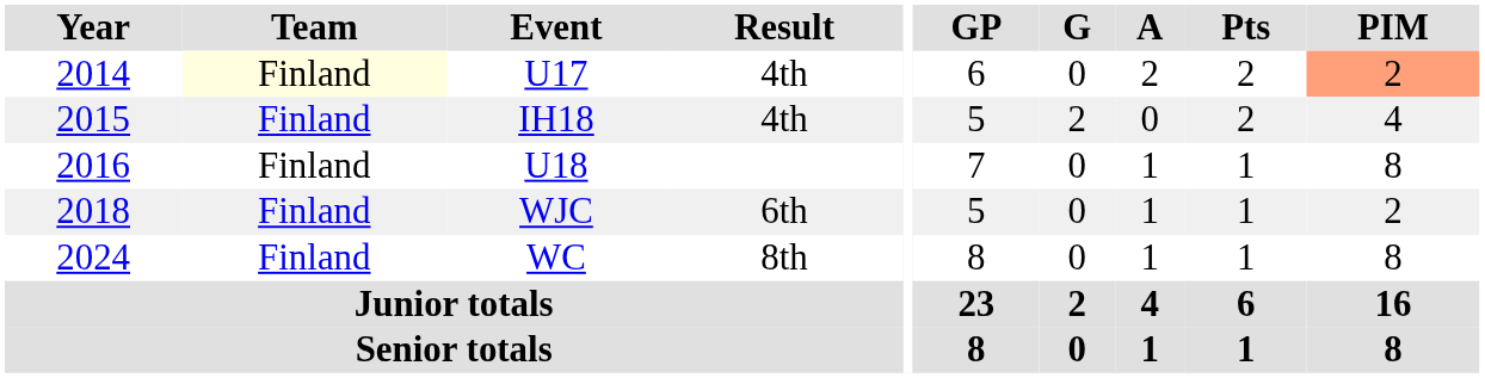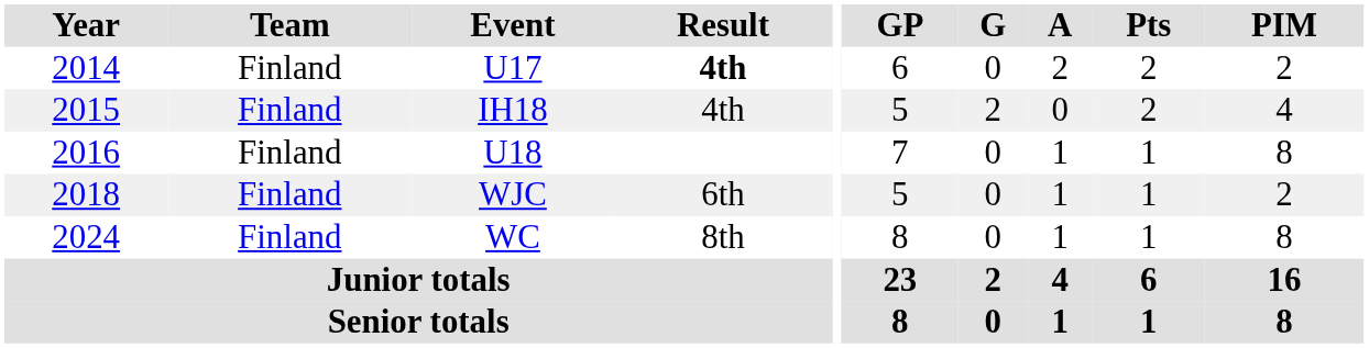 <table border="0" cellpadding="1" cellspacing="0" ID="Table3" style="text-align:center; width:40em">
 <tr ALIGN="center" bgcolor="#e0e0e0">
 <th>Year</th>
 <th>Team</th>
 <th>Event</th>
 <th>Result</th>
 <th rowspan="99" bgcolor="#ffffff"></th>
 <th>GP</th>
 <th>G</th>
 <th>A</th>
 <th>Pts</th>
 <th>PIM</th>
 </tr>
 <tr>
 <td><a href='#'>2014</a></td>
-<td style="background: lightyellow;">Finland</td>
+<td>Finland</td>
 <td><a href='#'>U17</a></td>
-<td>4th</td>
+<td><strong>4th</strong></td>
 <td>6</td>
 <td>0</td>
 <td>2</td>
 <td>2</td>
-<td style="background: lightsalmon;">2</td>
+<td>2</td>
 </tr>
 <tr bgcolor="#f0f0f0">
 <td><a href='#'>2015</a></td>
 <td><a href='#'>Finland</a></td>
 <td><a href='#'>IH18</a></td>
 <td>4th</td>
 <td>5</td>
 <td>2</td>
 <td>0</td>
 <td>2</td>
 <td>4</td>
 </tr>
 <tr>
 <td><a href='#'>2016</a></td>
 <td>Finland</td>
 <td><a href='#'>U18</a></td>
 <td></td>
 <td>7</td>
 <td>0</td>
 <td>1</td>
 <td>1</td>
 <td>8</td>
 </tr>
 <tr bgcolor="#f0f0f0">
 <td><a href='#'>2018</a></td>
 <td><a href='#'>Finland</a></td>
 <td><a href='#'>WJC</a></td>
 <td>6th</td>
 <td>5</td>
 <td>0</td>
 <td>1</td>
 <td>1</td>
 <td>2</td>
 </tr>
 <tr>
 <td><a href='#'>2024</a></td>
 <td><a href='#'>Finland</a></td>
 <td><a href='#'>WC</a></td>
 <td>8th</td>
 <td>8</td>
 <td>0</td>
 <td>1</td>
 <td>1</td>
 <td>8</td>
 </tr>
 <tr ALIGN="center" bgcolor="#e0e0e0">
 <th colspan=4>Junior totals</th>
 <th>23</th>
 <th>2</th>
 <th>4</th>
 <th>6</th>
 <th>16</th>
 </tr>
 <tr ALIGN="center" bgcolor="#e0e0e0">
 <th colspan=4>Senior totals</th>
 <th>8</th>
 <th>0</th>
 <th>1</th>
 <th>1</th>
 <th>8</th>
 </tr>
 </table>
